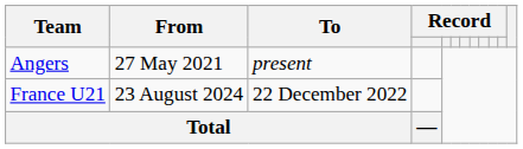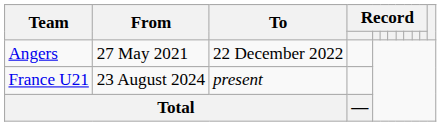 <table class="wikitable" style="text-align: center">
 <tr>
 <th rowspan="2">Team</th>
 <th rowspan="2">From</th>
 <th rowspan="2">To</th>
 <th colspan="8">Record</th>
 <th rowspan=2></th>
 </tr>
 <tr>
 <th></th>
 <th></th>
 <th></th>
 <th></th>
 <th></th>
 <th></th>
 <th></th>
 <th></th>
 </tr>
 <tr>
 <td align=left><a href='#'>Angers</a></td>
 <td align=left>27 May 2021</td>
-<td align=left><em>present</em><br></td>
+<td align=left>22 December 2022<br></td>
 <td></td>
 </tr>
 <tr>
 <td align=left><a href='#'>France U21</a></td>
 <td align=left>23 August 2024</td>
-<td align=left>22 December 2022<br></td>
+<td align=left><em>present</em><br></td>
 <td></td>
 </tr>
 <tr>
 <th colspan="3">Total<br></th>
 <th>—</th>
 </tr>
 </table>
